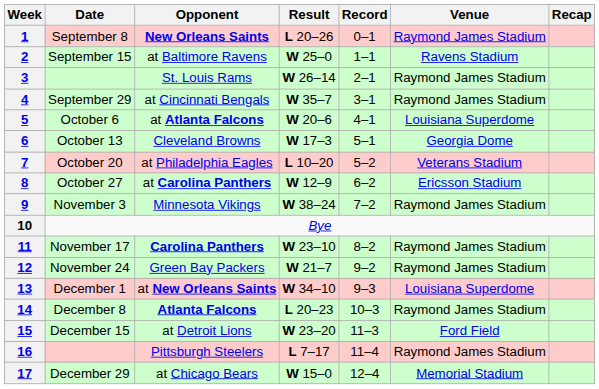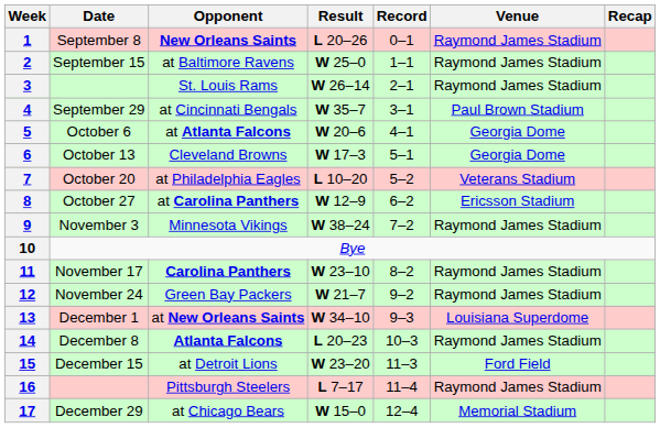 <table class="wikitable" style="text-align:center">
 <tr>
 <th>Week</th>
 <th>Date</th>
 <th>Opponent</th>
 <th>Result</th>
 <th>Record</th>
 <th>Venue</th>
 <th>Recap</th>
 </tr>
 <tr style="background:#fcc">
 <th><a href='#'>1</a></th>
 <td>September 8</td>
 <td><strong><a href='#'>New Orleans Saints</a></strong></td>
 <td><strong>L</strong> 20–26 </td>
 <td>0–1</td>
 <td><a href='#'>Raymond James Stadium</a></td>
 <td></td>
 </tr>
 <tr style="background:#cfc">
 <th><a href='#'>2</a></th>
 <td>September 15</td>
 <td>at <a href='#'>Baltimore Ravens</a></td>
 <td><strong>W</strong> 25–0</td>
 <td>1–1</td>
-<td><a href='#'>Ravens Stadium</a></td>
+<td>Raymond James Stadium</td>
 <td></td>
 </tr>
 <tr style="background:#cfc">
 <th><a href='#'>3</a></th>
 <td></td>
 <td><a href='#'>St. Louis Rams</a></td>
 <td><strong>W</strong> 26–14</td>
 <td>2–1</td>
 <td>Raymond James Stadium</td>
 <td></td>
 </tr>
 <tr style="background:#cfc">
 <th><a href='#'>4</a></th>
 <td>September 29</td>
 <td>at <a href='#'>Cincinnati Bengals</a></td>
 <td><strong>W</strong> 35–7</td>
 <td>3–1</td>
-<td>Raymond James Stadium</td>
+<td><a href='#'>Paul Brown Stadium</a></td>
 <td></td>
 </tr>
 <tr style="background:#cfc">
 <th><a href='#'>5</a></th>
 <td>October 6</td>
 <td>at <strong><a href='#'>Atlanta Falcons</a></strong></td>
 <td><strong>W</strong> 20–6</td>
 <td>4–1</td>
-<td><a href='#'>Louisiana Superdome</a></td>
+<td><a href='#'>Georgia Dome</a></td>
 <td></td>
 </tr>
 <tr style="background:#cfc">
 <th><a href='#'>6</a></th>
 <td>October 13</td>
 <td><a href='#'>Cleveland Browns</a></td>
 <td><strong>W</strong> 17–3</td>
 <td>5–1</td>
 <td><a href='#'>Georgia Dome</a></td>
 <td></td>
 </tr>
 <tr style="background:#fcc">
 <th><a href='#'>7</a></th>
 <td>October 20</td>
 <td>at <a href='#'>Philadelphia Eagles</a></td>
 <td><strong>L</strong> 10–20</td>
 <td>5–2</td>
 <td><a href='#'>Veterans Stadium</a></td>
 <td></td>
 </tr>
 <tr style="background:#cfc">
 <th><a href='#'>8</a></th>
 <td>October 27</td>
 <td>at <strong><a href='#'>Carolina Panthers</a></strong></td>
 <td><strong>W</strong> 12–9</td>
 <td>6–2</td>
 <td><a href='#'>Ericsson Stadium</a></td>
 <td></td>
 </tr>
 <tr style="background:#cfc">
 <th><a href='#'>9</a></th>
 <td>November 3</td>
 <td><a href='#'>Minnesota Vikings</a></td>
 <td><strong>W</strong> 38–24</td>
 <td>7–2</td>
 <td>Raymond James Stadium</td>
 <td></td>
 </tr>
 <tr>
 <th>10</th>
 <td colspan="8"><em><a href='#'>Bye</a></em></td>
 </tr>
 <tr style="background:#cfc">
 <th><a href='#'>11</a></th>
 <td>November 17</td>
 <td><strong><a href='#'>Carolina Panthers</a></strong></td>
 <td><strong>W</strong> 23–10</td>
 <td>8–2</td>
 <td>Raymond James Stadium</td>
 <td></td>
 </tr>
 <tr style="background:#cfc">
 <th><a href='#'>12</a></th>
 <td>November 24</td>
 <td><a href='#'>Green Bay Packers</a></td>
 <td><strong>W</strong> 21–7</td>
 <td>9–2</td>
 <td>Raymond James Stadium</td>
 <td></td>
 </tr>
 <tr style="background:#fcc">
 <th><a href='#'>13</a></th>
 <td>December 1</td>
 <td>at <strong><a href='#'>New Orleans Saints</a></strong></td>
 <td><strong>W</strong> 34–10</td>
 <td>9–3</td>
 <td><a href='#'>Louisiana Superdome</a></td>
 <td></td>
 </tr>
 <tr style="background:#cfc">
 <th><a href='#'>14</a></th>
 <td>December 8</td>
 <td><strong><a href='#'>Atlanta Falcons</a></strong></td>
 <td><strong>L</strong> 20–23</td>
 <td>10–3</td>
 <td>Raymond James Stadium</td>
 <td></td>
 </tr>
 <tr style="background:#cfc">
 <th><a href='#'>15</a></th>
 <td>December 15</td>
 <td>at <a href='#'>Detroit Lions</a></td>
 <td><strong>W</strong> 23–20</td>
 <td>11–3</td>
 <td><a href='#'>Ford Field</a></td>
 <td></td>
 </tr>
 <tr style="background:#fcc">
 <th><a href='#'>16</a></th>
 <td></td>
 <td><a href='#'>Pittsburgh Steelers</a></td>
 <td><strong>L</strong> 7–17</td>
 <td>11–4</td>
 <td>Raymond James Stadium</td>
 <td></td>
 </tr>
 <tr style="background:#cfc">
 <th><a href='#'>17</a></th>
 <td>December 29</td>
 <td>at <a href='#'>Chicago Bears</a></td>
 <td><strong>W</strong> 15–0</td>
 <td>12–4</td>
 <td><a href='#'>Memorial Stadium</a></td>
 <td></td>
 </tr>
 </table>
